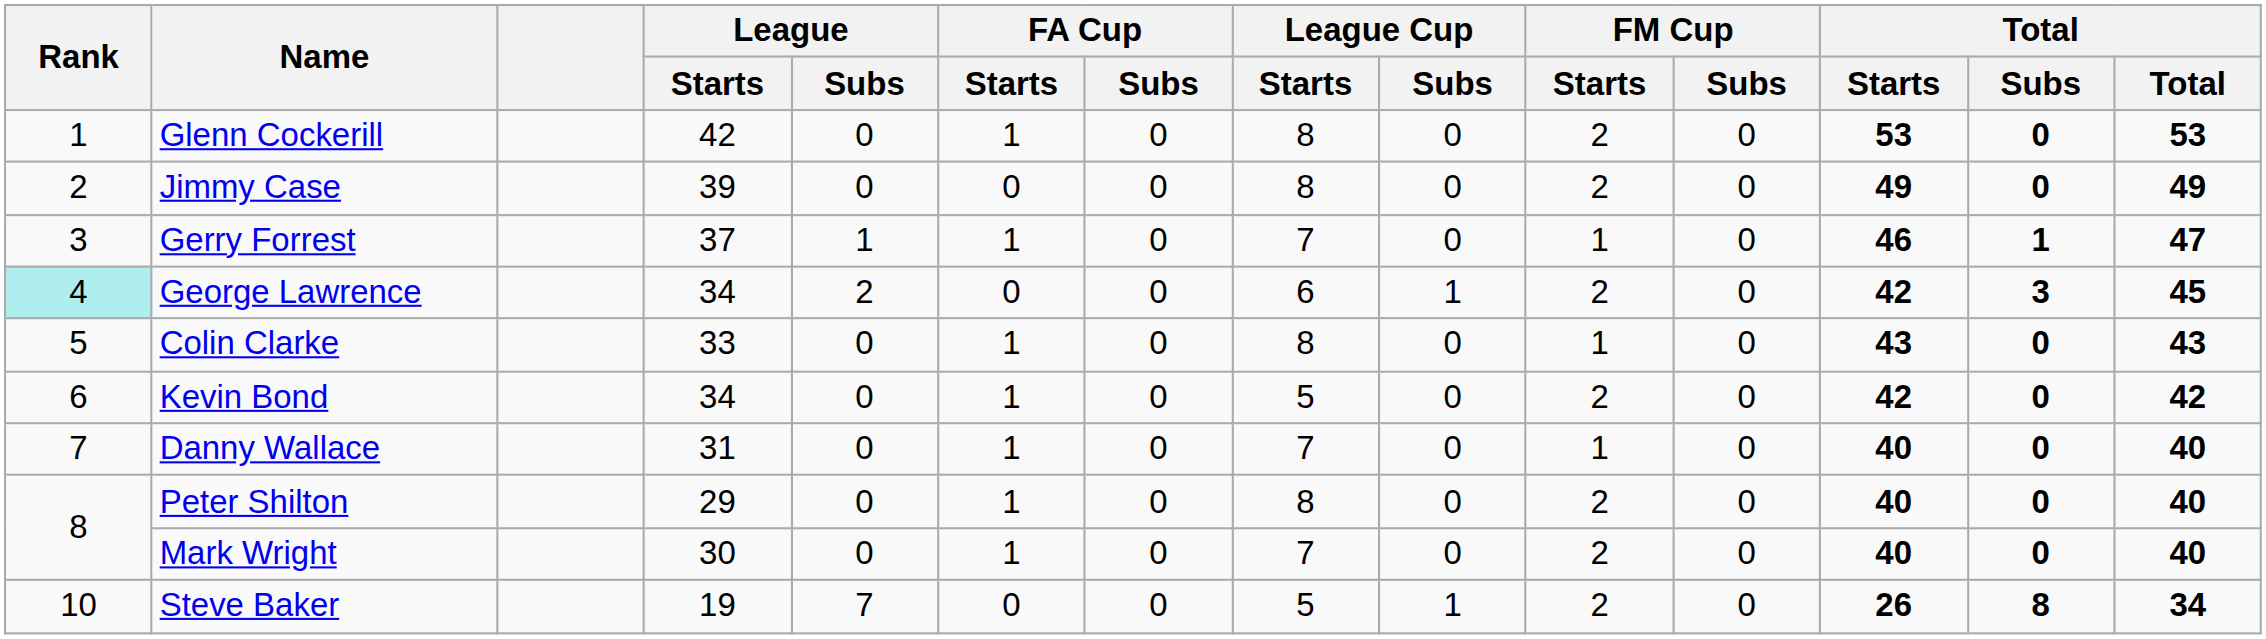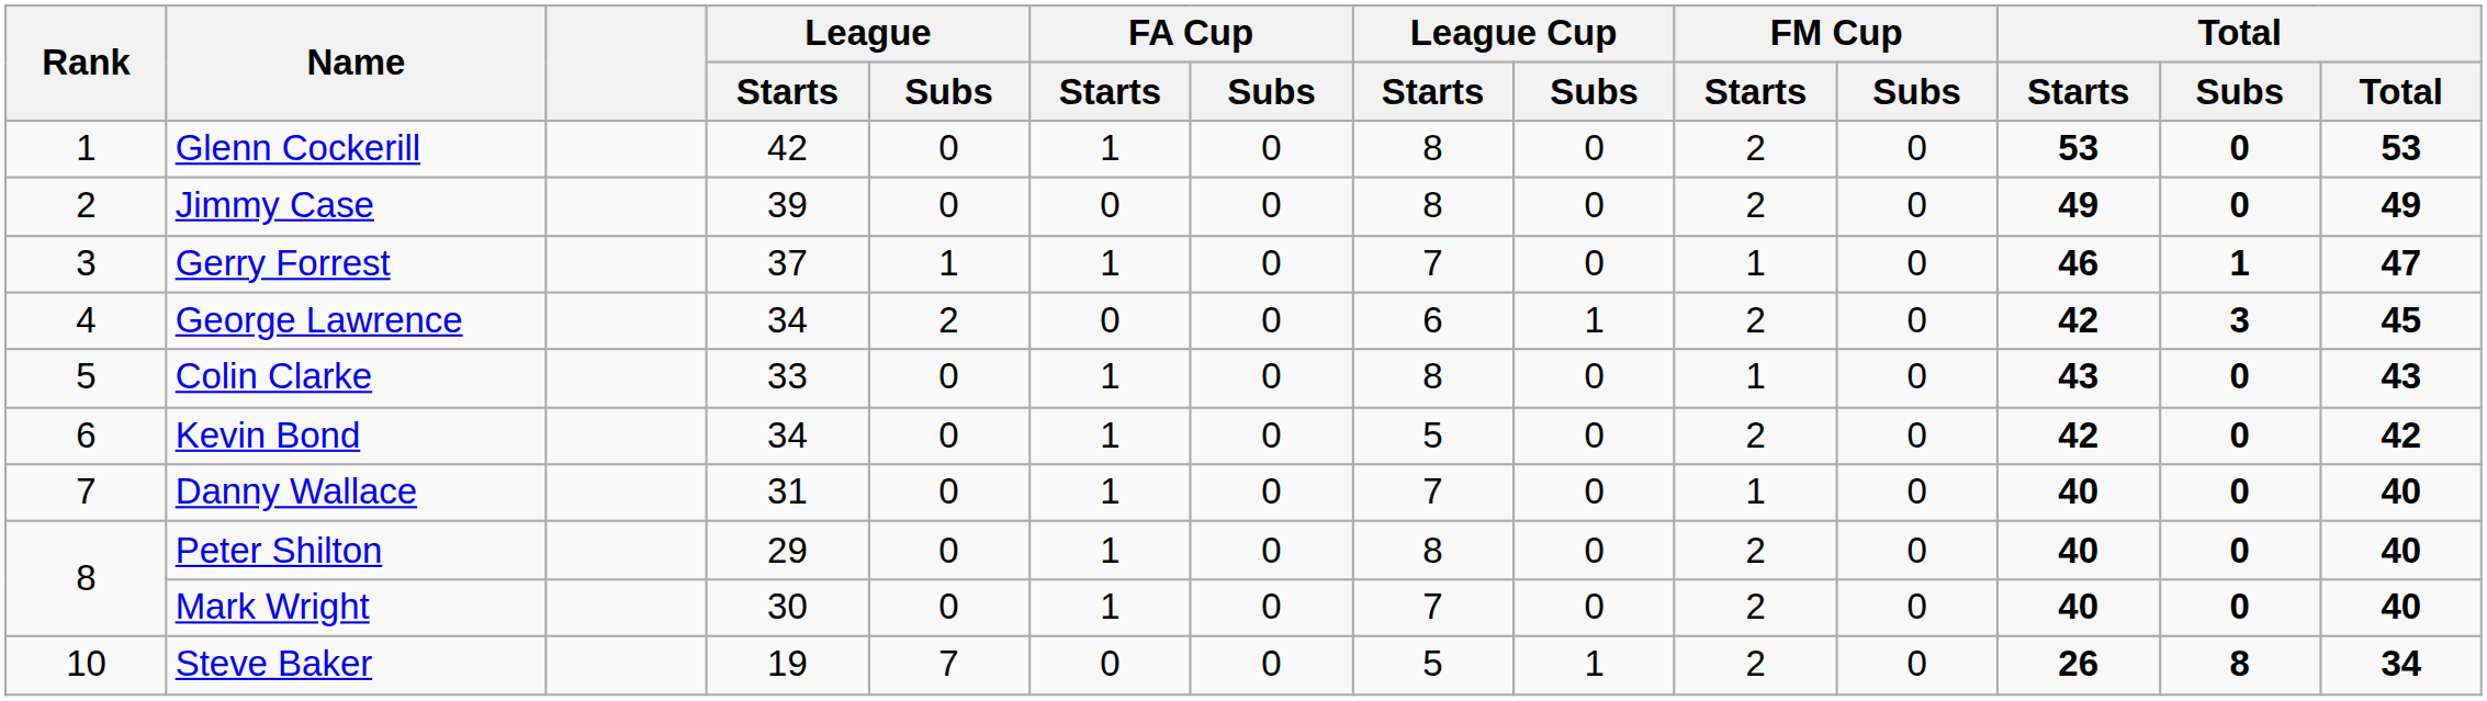 <table class="wikitable plainrowheaders" style="text-align:center;">
 <tr>
 <th scope="col" rowspan="2" style="width:4em;">Rank</th>
 <th scope="col" rowspan="2" style="width:10em;">Name</th>
 <th scope="col" rowspan="2" style="width:4em;"></th>
 <th scope="col" colspan="2">League</th>
 <th scope="col" colspan="2">FA Cup</th>
 <th scope="col" colspan="2">League Cup</th>
 <th scope="col" colspan="2">FM Cup</th>
 <th scope="col" colspan="3">Total</th>
 </tr>
 <tr>
 <th scope="col" style="width:4em;">Starts</th>
 <th scope="col" style="width:4em;">Subs</th>
 <th scope="col" style="width:4em;">Starts</th>
 <th scope="col" style="width:4em;">Subs</th>
 <th scope="col" style="width:4em;">Starts</th>
 <th scope="col" style="width:4em;">Subs</th>
 <th scope="col" style="width:4em;">Starts</th>
 <th scope="col" style="width:4em;">Subs</th>
 <th scope="col" style="width:4em;">Starts</th>
 <th scope="col" style="width:4em;">Subs</th>
 <th scope="col" style="width:4em;">Total</th>
 </tr>
 <tr>
 <td>1</td>
 <td align="left"><a href='#'>Glenn Cockerill</a></td>
 <td></td>
 <td>42</td>
 <td>0</td>
 <td>1</td>
 <td>0</td>
 <td>8</td>
 <td>0</td>
 <td>2</td>
 <td>0</td>
 <td><strong>53</strong></td>
 <td><strong>0</strong></td>
 <td><strong>53</strong></td>
 </tr>
 <tr>
 <td>2</td>
 <td align="left"><a href='#'>Jimmy Case</a></td>
 <td></td>
 <td>39</td>
 <td>0</td>
 <td>0</td>
 <td>0</td>
 <td>8</td>
 <td>0</td>
 <td>2</td>
 <td>0</td>
 <td><strong>49</strong></td>
 <td><strong>0</strong></td>
 <td><strong>49</strong></td>
 </tr>
 <tr>
 <td>3</td>
 <td align="left"><a href='#'>Gerry Forrest</a></td>
 <td></td>
 <td>37</td>
 <td>1</td>
 <td>1</td>
 <td>0</td>
 <td>7</td>
 <td>0</td>
 <td>1</td>
 <td>0</td>
 <td><strong>46</strong></td>
 <td><strong>1</strong></td>
 <td><strong>47</strong></td>
 </tr>
 <tr>
-<td style="background: paleturquoise;">4</td>
+<td>4</td>
 <td align="left"><a href='#'>George Lawrence</a></td>
 <td></td>
 <td>34</td>
 <td>2</td>
 <td>0</td>
 <td>0</td>
 <td>6</td>
 <td>1</td>
 <td>2</td>
 <td>0</td>
 <td><strong>42</strong></td>
 <td><strong>3</strong></td>
 <td><strong>45</strong></td>
 </tr>
 <tr>
 <td>5</td>
 <td align="left"><a href='#'>Colin Clarke</a></td>
 <td></td>
 <td>33</td>
 <td>0</td>
 <td>1</td>
 <td>0</td>
 <td>8</td>
 <td>0</td>
 <td>1</td>
 <td>0</td>
 <td><strong>43</strong></td>
 <td><strong>0</strong></td>
 <td><strong>43</strong></td>
 </tr>
 <tr>
 <td>6</td>
 <td align="left"><a href='#'>Kevin Bond</a></td>
 <td></td>
 <td>34</td>
 <td>0</td>
 <td>1</td>
 <td>0</td>
 <td>5</td>
 <td>0</td>
 <td>2</td>
 <td>0</td>
 <td><strong>42</strong></td>
 <td><strong>0</strong></td>
 <td><strong>42</strong></td>
 </tr>
 <tr>
 <td>7</td>
 <td align="left"><a href='#'>Danny Wallace</a></td>
 <td></td>
 <td>31</td>
 <td>0</td>
 <td>1</td>
 <td>0</td>
 <td>7</td>
 <td>0</td>
 <td>1</td>
 <td>0</td>
 <td><strong>40</strong></td>
 <td><strong>0</strong></td>
 <td><strong>40</strong></td>
 </tr>
 <tr>
 <td rowspan="2">8</td>
 <td align="left"><a href='#'>Peter Shilton</a></td>
 <td></td>
 <td>29</td>
 <td>0</td>
 <td>1</td>
 <td>0</td>
 <td>8</td>
 <td>0</td>
 <td>2</td>
 <td>0</td>
 <td><strong>40</strong></td>
 <td><strong>0</strong></td>
 <td><strong>40</strong></td>
 </tr>
 <tr>
 <td align="left"><a href='#'>Mark Wright</a></td>
 <td></td>
 <td>30</td>
 <td>0</td>
 <td>1</td>
 <td>0</td>
 <td>7</td>
 <td>0</td>
 <td>2</td>
 <td>0</td>
 <td><strong>40</strong></td>
 <td><strong>0</strong></td>
 <td><strong>40</strong></td>
 </tr>
 <tr>
 <td>10</td>
 <td align="left"><a href='#'>Steve Baker</a></td>
 <td></td>
 <td>19</td>
 <td>7</td>
 <td>0</td>
 <td>0</td>
 <td>5</td>
 <td>1</td>
 <td>2</td>
 <td>0</td>
 <td><strong>26</strong></td>
 <td><strong>8</strong></td>
 <td><strong>34</strong></td>
 </tr>
 </table>
